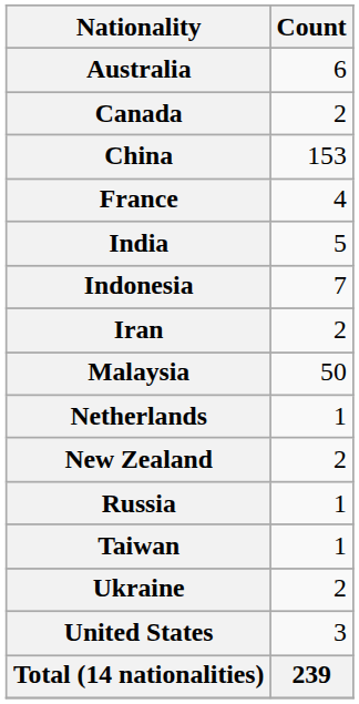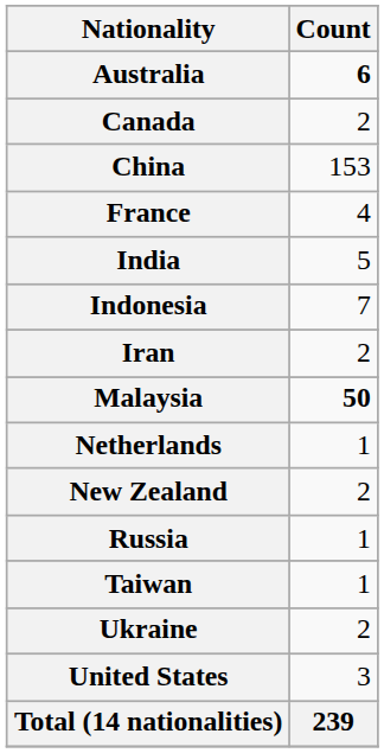 <table class="wikitable sortable plainrowheaders floatright" style="font-size:85%; text-align:right; margin:0 0 1.5em 1.5em;">
 <tr>
 <th scope="col">Nationality</th>
 <th scope="col" data-sort-type="number">Count</th>
 </tr>
 <tr>
 <th scope="row">Australia</th>
-<td>6</td>
+<td><strong>6</strong></td>
 </tr>
 <tr>
 <th scope="row">Canada</th>
 <td>2</td>
 </tr>
 <tr>
 <th scope="row">China</th>
 <td>153</td>
 </tr>
 <tr>
 <th scope="row">France</th>
 <td>4</td>
 </tr>
 <tr>
 <th scope="row">India</th>
 <td>5</td>
 </tr>
 <tr>
 <th scope="row">Indonesia</th>
 <td>7</td>
 </tr>
 <tr>
 <th scope="row">Iran</th>
 <td>2</td>
 </tr>
 <tr>
 <th scope="row">Malaysia</th>
-<td>50</td>
+<td><strong>50</strong></td>
 </tr>
 <tr>
 <th scope="row">Netherlands</th>
 <td>1</td>
 </tr>
 <tr>
 <th scope="row">New Zealand</th>
 <td>2</td>
 </tr>
 <tr>
 <th scope="row">Russia</th>
 <td>1</td>
 </tr>
 <tr>
 <th scope="row">Taiwan</th>
 <td>1</td>
 </tr>
 <tr>
 <th scope="row">Ukraine</th>
 <td>2</td>
 </tr>
 <tr>
 <th scope="row">United States</th>
 <td>3</td>
 </tr>
 <tr class="sortbottom">
 <th><strong>Total (14 nationalities)</strong></th>
 <th style="text-align:center;"><strong>239</strong></th>
 </tr>
 <tr class="sortbottom">
 </tr>
 </table>
